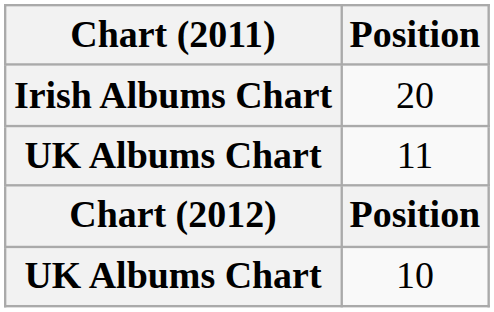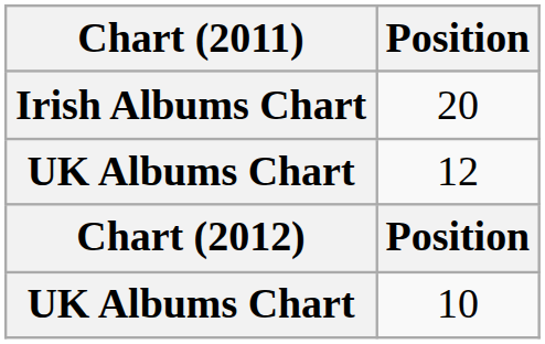 <table class="wikitable sortable plainrowheaders">
 <tr>
 <th scope="col">Chart (2011)</th>
 <th scope="col">Position</th>
 </tr>
 <tr>
 <th scope="row">Irish Albums Chart</th>
 <td style="text-align:center;">20</td>
 </tr>
 <tr>
 <th scope="row">UK Albums Chart</th>
-<td style="text-align:center;">11</td>
+<td style="text-align:center;">12</td>
 </tr>
 <tr>
 <th scope="col">Chart (2012)</th>
 <th scope="col">Position</th>
 </tr>
 <tr>
 <th scope="row">UK Albums Chart</th>
 <td style="text-align:center;">10</td>
 </tr>
 </table>
